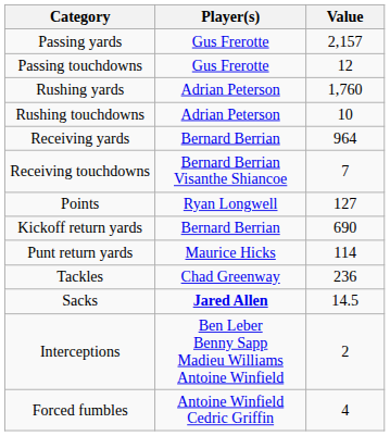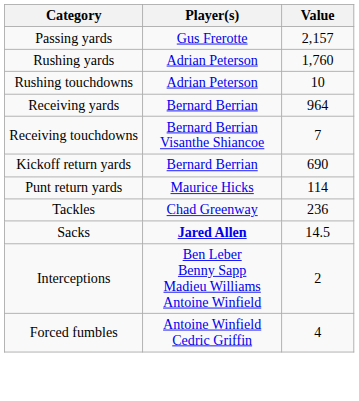 <table class="wikitable" style="text-align:center">
 <tr>
 <th width=150px>Category</th>
 <th width=150px>Player(s)</th>
 <th width=75px>Value</th>
 </tr>
 <tr>
 <td>Passing yards</td>
 <td><a href='#'>Gus Frerotte</a></td>
 <td>2,157</td>
-</tr>
-<tr>
-<td>Passing touchdowns</td>
-<td><a href='#'>Gus Frerotte</a></td>
-<td>12</td>
 </tr>
 <tr>
 <td>Rushing yards</td>
 <td><a href='#'>Adrian Peterson</a></td>
 <td>1,760</td>
 </tr>
 <tr>
 <td>Rushing touchdowns</td>
 <td><a href='#'>Adrian Peterson</a></td>
 <td>10</td>
 </tr>
 <tr>
 <td>Receiving yards</td>
 <td><a href='#'>Bernard Berrian</a></td>
 <td>964</td>
 </tr>
 <tr>
 <td>Receiving touchdowns</td>
 <td><a href='#'>Bernard Berrian</a><br><a href='#'>Visanthe Shiancoe</a></td>
 <td>7</td>
-</tr>
-<tr>
-<td>Points</td>
-<td><a href='#'>Ryan Longwell</a></td>
-<td>127</td>
 </tr>
 <tr>
 <td>Kickoff return yards</td>
 <td><a href='#'>Bernard Berrian</a></td>
 <td>690</td>
 </tr>
 <tr>
 <td>Punt return yards</td>
 <td><a href='#'>Maurice Hicks</a></td>
 <td>114</td>
 </tr>
 <tr>
 <td>Tackles</td>
 <td><a href='#'>Chad Greenway</a></td>
 <td>236</td>
 </tr>
 <tr>
 <td>Sacks</td>
 <td><strong><a href='#'>Jared Allen</a></strong></td>
 <td>14.5</td>
 </tr>
 <tr>
 <td>Interceptions</td>
 <td><a href='#'>Ben Leber</a><br><a href='#'>Benny Sapp</a><br><a href='#'>Madieu Williams</a><br><a href='#'>Antoine Winfield</a></td>
 <td>2</td>
 </tr>
 <tr>
 <td>Forced fumbles</td>
 <td><a href='#'>Antoine Winfield</a><br><a href='#'>Cedric Griffin</a></td>
 <td>4</td>
 </tr>
 </table>
